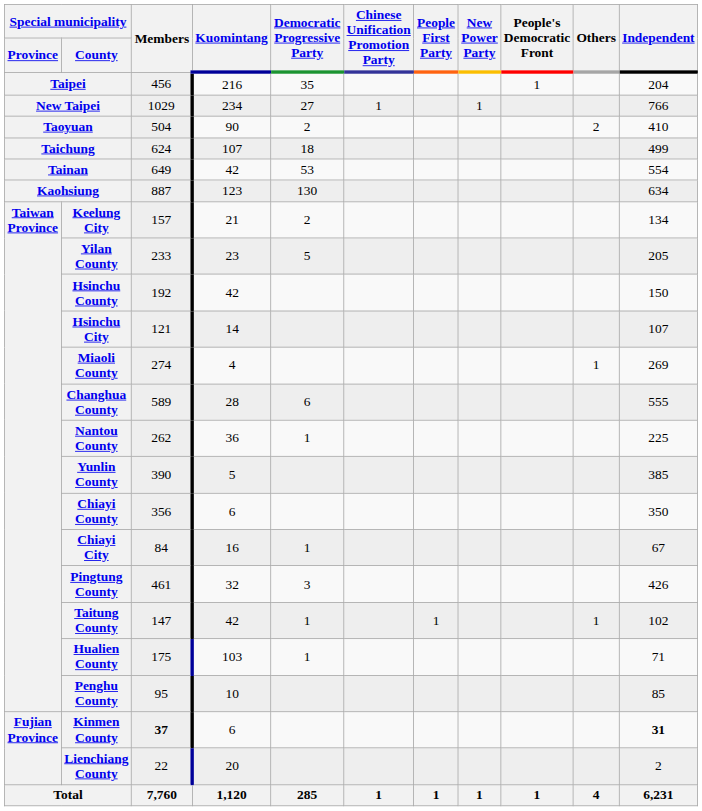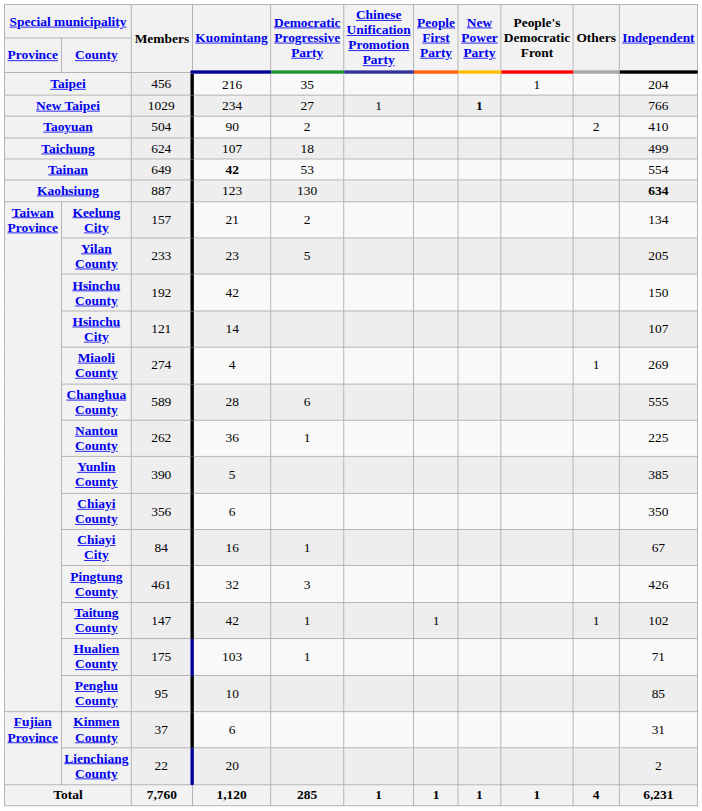 <table class="wikitable collapsible" style="text-align:center; margin:auto">
 <tr>
 <th colspan=2 style="width:120px;"><a href='#'>Special municipality</a></th>
 <th rowspan=2 style="width:60px;">Members</th>
 <th rowspan=2 style="width:80px; border-bottom:4px solid #000099;"><a href='#'>Kuomintang</a></th>
 <th rowspan=2 style="width:80px; border-bottom:4px solid #1B9431;"><a href='#'>Democratic Progressive Party</a></th>
 <th rowspan=2 style="width:80px; border-bottom:4px solid #333399;"><a href='#'>Chinese Unification Promotion Party</a></th>
 <th rowspan=2 style="width:80px; border-bottom:4px solid #FF6310;"><a href='#'>People First Party</a></th>
 <th rowspan=2 style="width:80px; border-bottom:4px solid #FBBE01;"><a href='#'>New Power Party</a></th>
 <th rowspan=2 style="width:80px; border-bottom:4px solid #FF0000;">People's Democratic Front</th>
 <th rowspan=2 style="width:80px; border-bottom:4px solid #A6A6A6;">Others</th>
 <th rowspan=2 style="width:80px; border-bottom:4px solid #000000;"><a href='#'>Independent</a></th>
 </tr>
 <tr>
 <th><a href='#'>Province</a></th>
 <th><a href='#'>County</a></th>
 </tr>
 <tr>
 <th colspan=2><a href='#'>Taipei</a></th>
 <td bgcolor=#EEEEEE style="border-right:4px solid #000000;">456</td>
 <td>216</td>
 <td>35</td>
 <td></td>
 <td></td>
 <td></td>
 <td>1</td>
 <td></td>
 <td>204</td>
 </tr>
 <tr bgcolor="#EEEEEE">
 <th colspan=2><a href='#'>New Taipei</a></th>
 <td bgcolor=#EEEEEE style="border-right:4px solid #000000;">1029</td>
 <td>234</td>
 <td>27</td>
 <td>1</td>
 <td></td>
-<td>1</td>
+<td><strong>1</strong></td>
 <td></td>
 <td></td>
 <td>766</td>
 </tr>
 <tr>
 <th colspan=2><a href='#'>Taoyuan</a></th>
 <td bgcolor=#EEEEEE style="border-right:4px solid #000000;">504</td>
 <td>90</td>
 <td>2</td>
 <td></td>
 <td></td>
 <td></td>
 <td></td>
 <td>2</td>
 <td>410</td>
 </tr>
 <tr bgcolor="#EEEEEE">
 <th colspan=2><a href='#'>Taichung</a></th>
 <td bgcolor=#EEEEEE style="border-right:4px solid #000000;">624</td>
 <td>107</td>
 <td>18</td>
 <td></td>
 <td></td>
 <td></td>
 <td></td>
 <td></td>
 <td>499</td>
 </tr>
 <tr>
 <th colspan=2><a href='#'>Tainan</a></th>
 <td bgcolor=#EEEEEE style="border-right:4px solid #000000;">649</td>
-<td>42</td>
+<td><strong>42</strong></td>
 <td>53</td>
 <td></td>
 <td></td>
 <td></td>
 <td></td>
 <td></td>
 <td>554</td>
 </tr>
 <tr bgcolor="#EEEEEE">
 <th colspan=2><a href='#'>Kaohsiung</a></th>
 <td bgcolor=#EEEEEE style="border-right:4px solid #000000;">887</td>
 <td>123</td>
 <td>130</td>
 <td></td>
 <td></td>
 <td></td>
 <td></td>
 <td></td>
-<td>634</td>
+<td><strong>634</strong></td>
 </tr>
 <tr>
 <th rowspan=14 valign=top><a href='#'>Taiwan Province</a></th>
 <th><a href='#'>Keelung City</a></th>
 <td bgcolor=#EEEEEE style="border-right:4px solid #000000;">157</td>
 <td>21</td>
 <td>2</td>
 <td></td>
 <td></td>
 <td></td>
 <td></td>
 <td></td>
 <td>134</td>
 </tr>
 <tr bgcolor="#EEEEEE">
 <th><a href='#'>Yilan County</a></th>
 <td bgcolor=#EEEEEE style="border-right:4px solid #000000;">233</td>
 <td>23</td>
 <td>5</td>
 <td></td>
 <td></td>
 <td></td>
 <td></td>
 <td></td>
 <td>205</td>
 </tr>
 <tr>
 <th><a href='#'>Hsinchu County</a></th>
 <td bgcolor=#EEEEEE style="border-right:4px solid #000000;">192</td>
 <td>42</td>
 <td></td>
 <td></td>
 <td></td>
 <td></td>
 <td></td>
 <td></td>
 <td>150</td>
 </tr>
 <tr bgcolor="#EEEEEE">
 <th><a href='#'>Hsinchu City</a></th>
 <td bgcolor=#EEEEEE style="border-right:4px solid #000000;">121</td>
 <td>14</td>
 <td></td>
 <td></td>
 <td></td>
 <td></td>
 <td></td>
 <td></td>
 <td>107</td>
 </tr>
 <tr>
 <th><a href='#'>Miaoli County</a></th>
 <td bgcolor=#EEEEEE style="border-right:4px solid #000000;">274</td>
 <td>4</td>
 <td></td>
 <td></td>
 <td></td>
 <td></td>
 <td></td>
 <td>1</td>
 <td>269</td>
 </tr>
 <tr bgcolor="#EEEEEE">
 <th><a href='#'>Changhua County</a></th>
 <td bgcolor=#EEEEEE style="border-right:4px solid #000000;">589</td>
 <td>28</td>
 <td>6</td>
 <td></td>
 <td></td>
 <td></td>
 <td></td>
 <td></td>
 <td>555</td>
 </tr>
 <tr>
 <th><a href='#'>Nantou County</a></th>
 <td bgcolor=#EEEEEE style="border-right:4px solid #000000;">262</td>
 <td>36</td>
 <td>1</td>
 <td></td>
 <td></td>
 <td></td>
 <td></td>
 <td></td>
 <td>225</td>
 </tr>
 <tr bgcolor="#EEEEEE">
 <th><a href='#'>Yunlin County</a></th>
 <td bgcolor=#EEEEEE style="border-right:4px solid #000000;">390</td>
 <td>5</td>
 <td></td>
 <td></td>
 <td></td>
 <td></td>
 <td></td>
 <td></td>
 <td>385</td>
 </tr>
 <tr>
 <th><a href='#'>Chiayi County</a></th>
 <td bgcolor=#EEEEEE style="border-right:4px solid #000000;">356</td>
 <td>6</td>
 <td></td>
 <td></td>
 <td></td>
 <td></td>
 <td></td>
 <td></td>
 <td>350</td>
 </tr>
 <tr bgcolor="#EEEEEE">
 <th><a href='#'>Chiayi City</a></th>
 <td bgcolor=#EEEEEE style="border-right:4px solid #000000;">84</td>
 <td>16</td>
 <td>1</td>
 <td></td>
 <td></td>
 <td></td>
 <td></td>
 <td></td>
 <td>67</td>
 </tr>
 <tr>
 <th><a href='#'>Pingtung County</a></th>
 <td bgcolor=#EEEEEE style="border-right:4px solid #000000;">461</td>
 <td>32</td>
 <td>3</td>
 <td></td>
 <td></td>
 <td></td>
 <td></td>
 <td></td>
 <td>426</td>
 </tr>
 <tr bgcolor="#EEEEEE">
 <th><a href='#'>Taitung County</a></th>
 <td bgcolor=#EEEEEE style="border-right:4px solid #000000;">147</td>
 <td>42</td>
 <td>1</td>
 <td></td>
 <td>1</td>
 <td></td>
 <td></td>
 <td>1</td>
 <td>102</td>
 </tr>
 <tr>
 <th><a href='#'>Hualien County</a></th>
 <td bgcolor=#EEEEEE style="border-right:4px solid #000099;">175</td>
 <td>103</td>
 <td>1</td>
 <td></td>
 <td></td>
 <td></td>
 <td></td>
 <td></td>
 <td>71</td>
 </tr>
 <tr bgcolor="#EEEEEE">
 <th><a href='#'>Penghu County</a></th>
 <td bgcolor=#EEEEEE style="border-right:4px solid #000000;">95</td>
 <td>10</td>
 <td></td>
 <td></td>
 <td></td>
 <td></td>
 <td></td>
 <td></td>
 <td>85</td>
 </tr>
 <tr>
 <th rowspan=2 valign=top><a href='#'>Fujian Province</a></th>
 <th><a href='#'>Kinmen County</a></th>
-<td bgcolor=#EEEEEE style="border-right:4px solid #000000;"><strong>37</strong></td>
+<td bgcolor=#EEEEEE style="border-right:4px solid #000000;">37</td>
 <td>6</td>
 <td></td>
 <td></td>
 <td></td>
 <td></td>
 <td></td>
 <td></td>
-<td><strong>31</strong></td>
+<td>31</td>
 </tr>
 <tr bgcolor="#EEEEEE">
 <th><a href='#'>Lienchiang County</a></th>
 <td bgcolor=#EEEEEE style="border-right:4px solid #000099;">22</td>
 <td>20</td>
 <td></td>
 <td></td>
 <td></td>
 <td></td>
 <td></td>
 <td></td>
 <td>2</td>
 </tr>
 <tr>
 <th colspan="2">Total</th>
 <th>7,760</th>
 <th>1,120</th>
 <th>285</th>
 <th>1</th>
 <th>1</th>
 <th>1</th>
 <th>1</th>
 <th>4</th>
 <th>6,231</th>
 </tr>
 </table>
